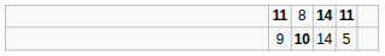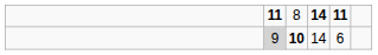 <table class="wikitable">
 <tr>
 <td style="width:18em"></td>
 <td align=center style="width:1em"><strong>11</strong></td>
 <td align=center style="width:1em">8</td>
 <td align=center style="width:1em"><strong>14</strong></td>
 <td align=center style="width:1em"><strong>11</strong></td>
 <td align=center style="width:1em"></td>
 </tr>
 <tr>
 <td style="width:18em"></td>
-<td align=center style="width:1em">9</td>
+<td align=center style="background: lightgrey; width:1em">9</td>
 <td align=center style="width:1em"><strong>10</strong></td>
 <td align=center style="width:1em">14</td>
-<td align=center style="width:1em">5</td>
+<td align=center style="width:1em">6</td>
 <td align=center style="width:1em"></td>
 </tr>
 </table>
